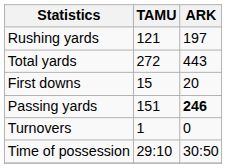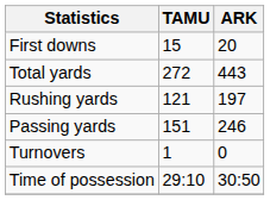 <table class="wikitable" style="float: left;">
 <tr>
 <th>Statistics</th>
 <th>TAMU</th>
 <th>ARK</th>
 </tr>
 <tr>
-<td>Rushing yards</td>
-<td>121</td>
-<td>197</td>
+<td>First downs</td>
+<td>15</td>
+<td>20</td>
 </tr>
 <tr>
 <td>Total yards</td>
 <td>272</td>
 <td>443</td>
 </tr>
 <tr>
-<td>First downs</td>
-<td>15</td>
-<td>20</td>
+<td>Rushing yards</td>
+<td>121</td>
+<td>197</td>
 </tr>
 <tr>
 <td>Passing yards</td>
 <td>151</td>
-<td><strong>246</strong></td>
+<td>246</td>
 </tr>
 <tr>
 <td>Turnovers</td>
 <td>1</td>
 <td>0</td>
 </tr>
 <tr>
 <td>Time of possession</td>
 <td>29:10</td>
 <td>30:50</td>
 </tr>
 <tr>
 </tr>
 </table>
